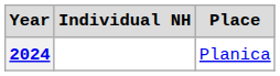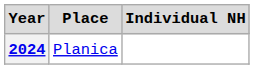 <table class="wikitable plainrowheaders" style="background:#fff; font-size:86%; line-height:16px; border:gray solid 1px; border-collapse:collapse;">
 <tr style="background:#ccc; text-align:center;">
 <th scope="col" style="background:#dcdcdc;">Year</th>
+<th scope="col" style="background:#dcdcdc;">Place</th>
 <th scope="col" style="background:#dcdcdc;">Individual NH</th>
-<th scope="col" style="background:#dcdcdc;">Place</th>
 </tr>
 <tr>
 <th scope=row align=center><a href='#'>2024</a></th>
+<td align=left> <a href='#'>Planica</a></td>
 <td align=center></td>
-<td align=left> <a href='#'>Planica</a></td>
 </tr>
 </table>
